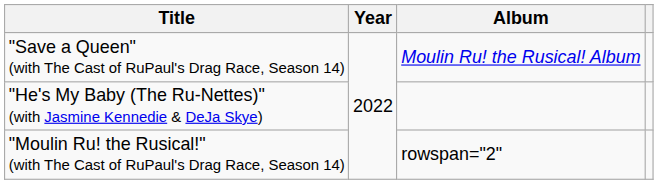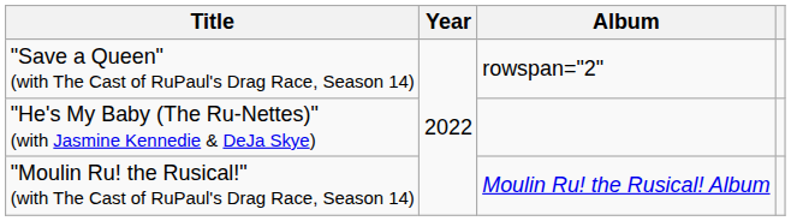 <table class="wikitable plainrowheaders sortable">
 <tr>
 <th>Title</th>
 <th>Year</th>
 <th>Album</th>
 <th style="text-align: center;" class="unsortable"></th>
 </tr>
 <tr>
 <td>"Save a Queen"<br><small>(with The Cast of RuPaul's Drag Race, Season 14)</small></td>
 <td rowspan="5">2022</td>
-<td><a href='#'><em>Moulin Ru! the Rusical! Album</em></a></td>
+<td>rowspan="2" </td>
 <td style="text-align: center;"><br></td>
 </tr>
 <tr>
 <td scope="row">"He's My Baby (The Ru-Nettes)"<br><small>(with <a href='#'>Jasmine Kennedie</a> & <a href='#'>DeJa Skye</a>)</small></td>
 <td style="text-align: center;"></td>
 </tr>
 <tr>
 <td scope="row">"Moulin Ru! the Rusical!"<br><small>(with The Cast of RuPaul's Drag Race, Season 14)</small></td>
-<td>rowspan="2" </td>
+<td><a href='#'><em>Moulin Ru! the Rusical! Album</em></a></td>
 <td style="text-align: center;"><br></td>
 </tr>
 </table>
